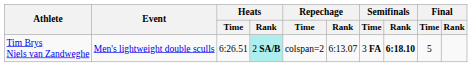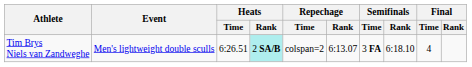 <table class="wikitable" style="font-size:90%">
 <tr>
 <th rowspan="2">Athlete</th>
 <th rowspan="2">Event</th>
 <th colspan="2">Heats</th>
 <th colspan="2">Repechage</th>
 <th colspan="2">Semifinals</th>
 <th colspan="2">Final</th>
 </tr>
 <tr style="font-size:95%">
 <th>Time</th>
 <th>Rank</th>
 <th>Time</th>
 <th>Rank</th>
 <th>Time</th>
 <th>Rank</th>
 <th>Time</th>
 <th>Rank</th>
 </tr>
 <tr align=center>
 <td align=left><a href='#'>Tim Brys</a><br><a href='#'>Niels van Zandweghe</a></td>
 <td align=left><a href='#'>Men's lightweight double sculls</a></td>
 <td>6:26.51</td>
 <td style="background: paleturquoise;">2 <strong>SA/B</strong></td>
 <td>colspan=2 </td>
 <td>6:13.07</td>
 <td>3 <strong>FA</strong></td>
-<td><strong>6:18.10</strong></td>
-<td>5</td>
+<td>6:18.10</td>
+<td>4</td>
 </tr>
 </table>
